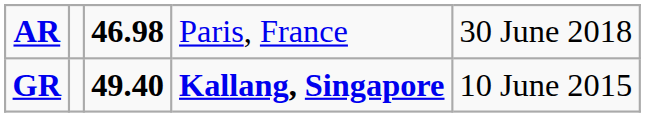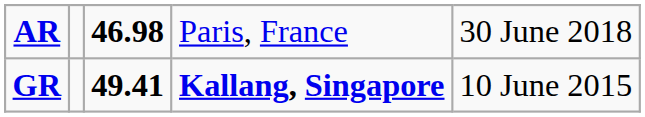 <table class="wikitable" style="font-size:95%; position:relative;">
 <tr>
 <td align=center><strong><a href='#'>AR</a></strong></td>
 <td></td>
 <td><strong>46.98</strong></td>
 <td><a href='#'>Paris</a>, <a href='#'>France</a></td>
 <td>30 June 2018</td>
 </tr>
 <tr>
 <td align=center><strong><a href='#'>GR</a></strong></td>
 <td></td>
-<td><strong>49.40</strong></td>
+<td><strong>49.41</strong></td>
 <td><strong><a href='#'>Kallang</a>, <a href='#'>Singapore</a></strong></td>
 <td>10 June 2015</td>
 </tr>
 </table>
